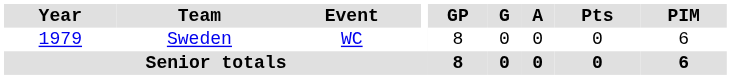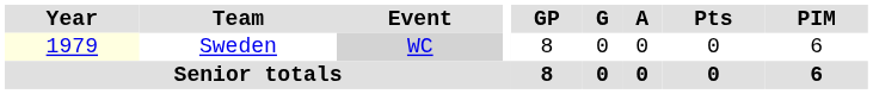 <table border="0" cellpadding="1" cellspacing="0" ID="Table3" style="text-align:center; width:40em">
 <tr bgcolor="#e0e0e0">
 <th>Year</th>
 <th>Team</th>
 <th>Event</th>
 <th rowspan="102" bgcolor="#ffffff"></th>
 <th>GP</th>
 <th>G</th>
 <th>A</th>
 <th>Pts</th>
 <th>PIM</th>
 </tr>
 <tr>
-<td><a href='#'>1979</a></td>
+<td style="background: lightyellow;"><a href='#'>1979</a></td>
 <td><a href='#'>Sweden</a></td>
-<td><a href='#'>WC</a></td>
+<td style="background: lightgrey;"><a href='#'>WC</a></td>
 <td>8</td>
 <td>0</td>
 <td>0</td>
 <td>0</td>
 <td>6</td>
 </tr>
 <tr bgcolor="#e0e0e0">
 <th colspan="4">Senior totals</th>
 <th>8</th>
 <th>0</th>
 <th>0</th>
 <th>0</th>
 <th>6</th>
 </tr>
 </table>
